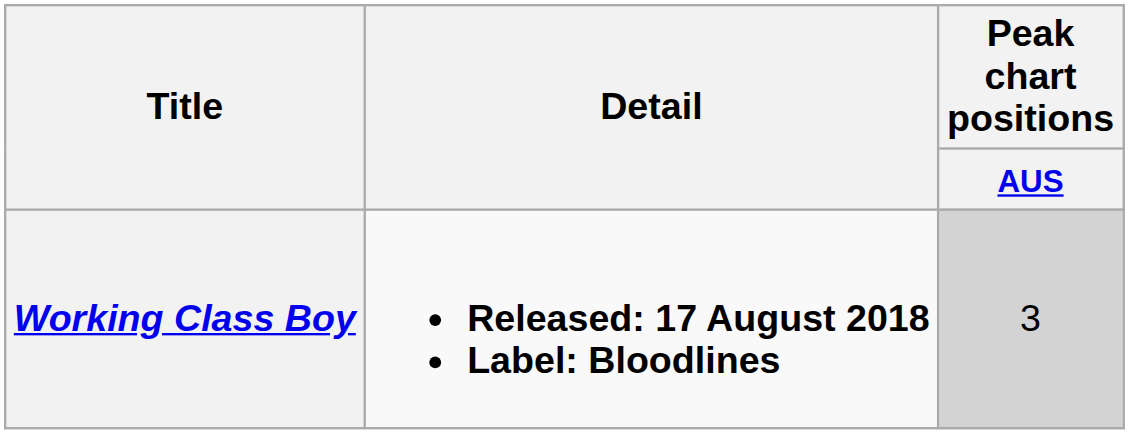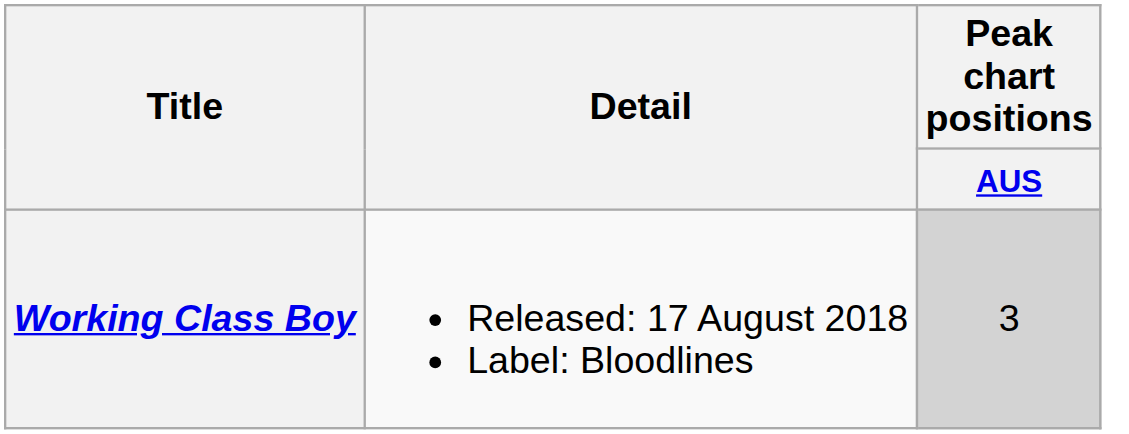 <table class="wikitable plainrowheaders">
 <tr>
 <th scope="col" rowspan="2">Title</th>
 <th scope="col" rowspan="2">Detail</th>
 <th scope="col" colspan="1">Peak chart positions</th>
 </tr>
 <tr>
 <th scope="col" width="35"><small><a href='#'>AUS</a></small><br></th>
 </tr>
 <tr>
 <th scope="row"><em><a href='#'>Working Class Boy</a></em></th>
-<td><strong><br><ul><li>Released: 17 August 2018</li><li>Label: Bloodlines</li></ul></strong></td>
+<td><br><ul><li>Released: 17 August 2018</li><li>Label: Bloodlines</li></ul></td>
 <td align="center" style="background: lightgrey;">3</td>
 </tr>
 </table>
